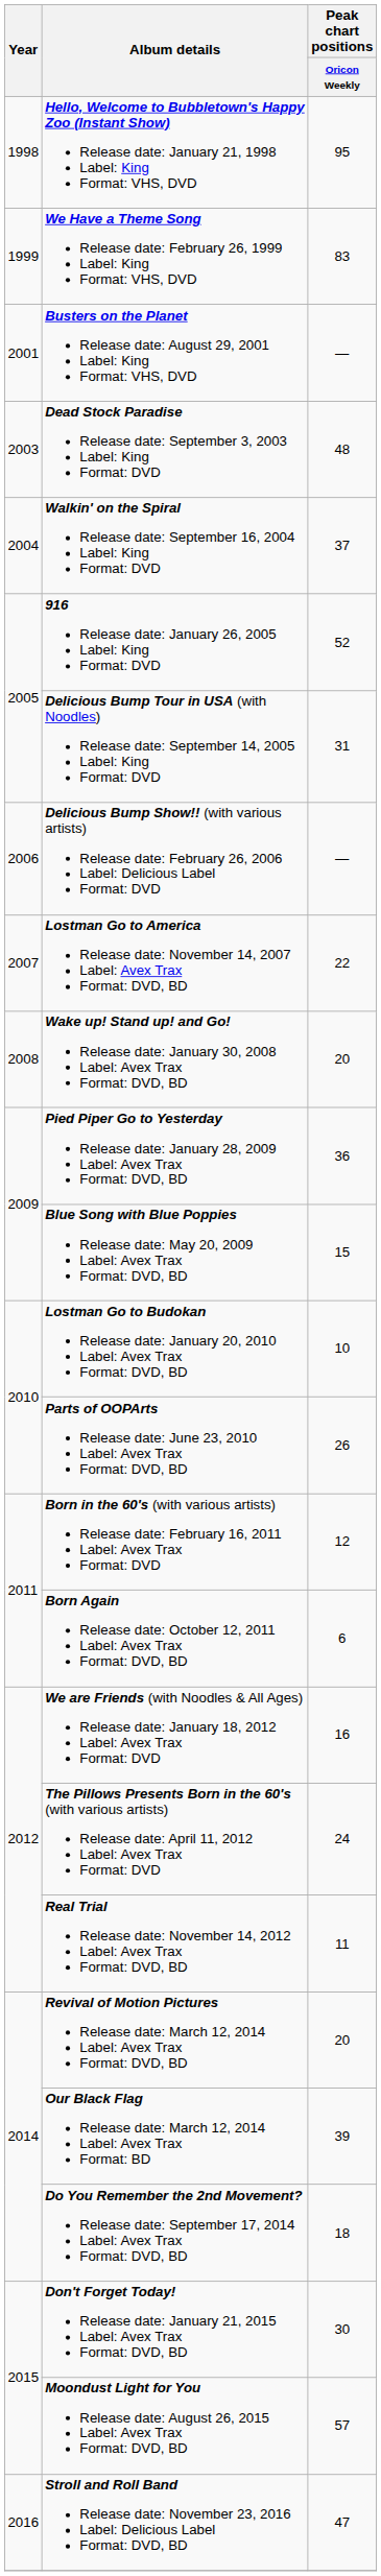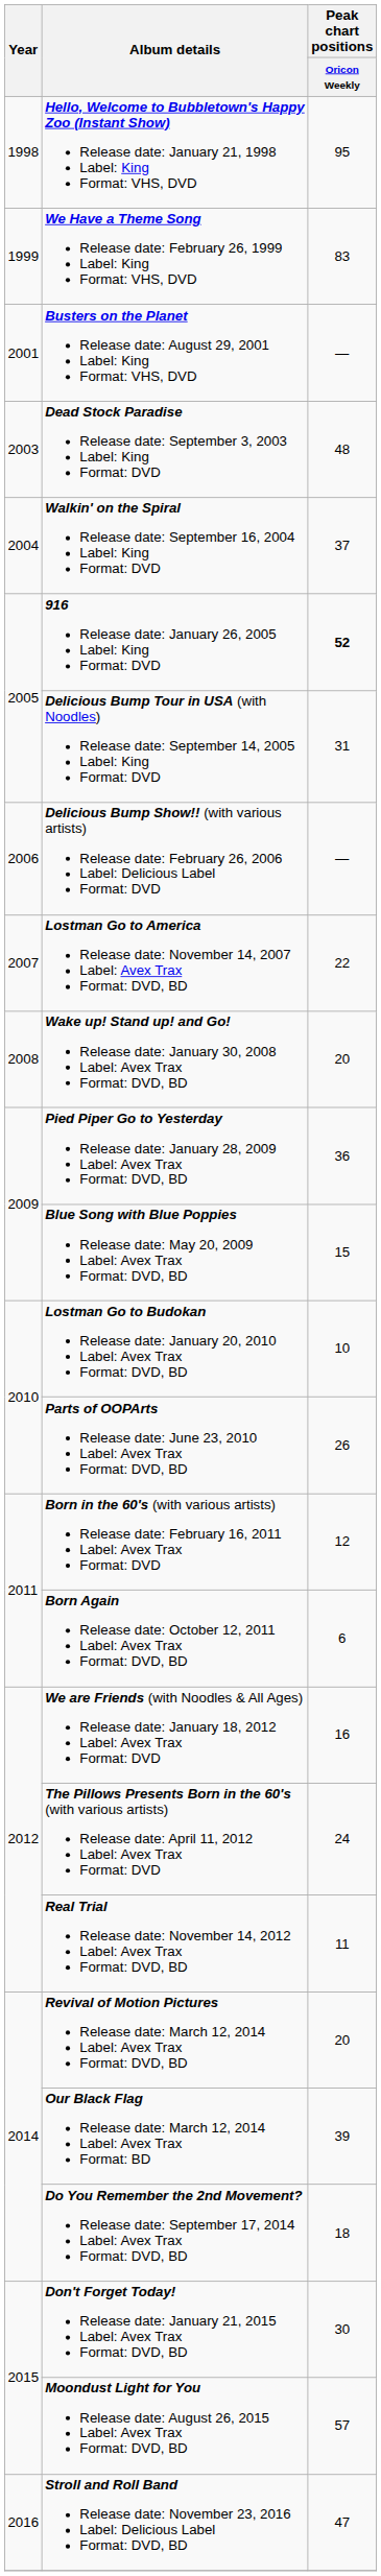 <table class="wikitable">
 <tr>
 <th rowspan="2" width="1">Year</th>
 <th rowspan="2" width="300">Album details</th>
 <th colspan="1">Peak chart positions</th>
 </tr>
 <tr>
 <th style="width:3em;font-size:90%;line-height:1.3"><small><a href='#'>Oricon</a><br>Weekly</small></th>
 </tr>
 <tr>
 <td>1998</td>
 <td><strong><em><a href='#'>Hello, Welcome to Bubbletown's Happy Zoo (Instant Show)</a></em></strong><br><ul><li>Release date: January 21, 1998</li><li>Label: <a href='#'>King</a></li><li>Format: VHS, DVD</li></ul></td>
 <td style="text-align:center">95</td>
 </tr>
 <tr>
 <td>1999</td>
 <td><strong><em><a href='#'>We Have a Theme Song</a></em></strong><br><ul><li>Release date: February 26, 1999</li><li>Label: King</li><li>Format: VHS, DVD</li></ul></td>
 <td style="text-align:center">83</td>
 </tr>
 <tr>
 <td>2001</td>
 <td><strong><em><a href='#'>Busters on the Planet</a></em></strong><br><ul><li>Release date: August 29, 2001</li><li>Label: King</li><li>Format: VHS, DVD</li></ul></td>
 <td style="text-align:center">—</td>
 </tr>
 <tr>
 <td>2003</td>
 <td><strong><em>Dead Stock Paradise</em></strong><br><ul><li>Release date: September 3, 2003</li><li>Label: King</li><li>Format: DVD</li></ul></td>
 <td style="text-align:center">48</td>
 </tr>
 <tr>
 <td>2004</td>
 <td><strong><em>Walkin' on the Spiral</em></strong><br><ul><li>Release date: September 16, 2004</li><li>Label: King</li><li>Format: DVD</li></ul></td>
 <td style="text-align:center">37</td>
 </tr>
 <tr>
 <td rowspan="2">2005</td>
 <td><strong><em>916</em></strong><br><ul><li>Release date: January 26, 2005</li><li>Label: King</li><li>Format: DVD</li></ul></td>
-<td style="text-align:center">52</td>
+<td style="text-align:center"><strong>52</strong></td>
 </tr>
 <tr>
 <td><strong><em>Delicious Bump Tour in USA</em></strong> <span>(with <a href='#'>Noodles</a>)</span><br><ul><li>Release date: September 14, 2005</li><li>Label: King</li><li>Format: DVD</li></ul></td>
 <td style="text-align:center">31</td>
 </tr>
 <tr>
 <td>2006</td>
 <td><strong><em>Delicious Bump Show!!</em></strong> <span>(with various artists)</span><br><ul><li>Release date: February 26, 2006</li><li>Label: Delicious Label</li><li>Format: DVD</li></ul></td>
 <td style="text-align:center">—</td>
 </tr>
 <tr>
 <td>2007</td>
 <td><strong><em>Lostman Go to America</em></strong><br><ul><li>Release date: November 14, 2007</li><li>Label: <a href='#'>Avex Trax</a></li><li>Format: DVD, BD</li></ul></td>
 <td style="text-align:center">22</td>
 </tr>
 <tr>
 <td>2008</td>
 <td><strong><em>Wake up! Stand up! and Go!</em></strong><br><ul><li>Release date: January 30, 2008</li><li>Label: Avex Trax</li><li>Format: DVD, BD</li></ul></td>
 <td style="text-align:center">20</td>
 </tr>
 <tr>
 <td rowspan="2">2009</td>
 <td><strong><em>Pied Piper Go to Yesterday</em></strong><br><ul><li>Release date: January 28, 2009</li><li>Label: Avex Trax</li><li>Format: DVD, BD</li></ul></td>
 <td style="text-align:center">36</td>
 </tr>
 <tr>
 <td><strong><em>Blue Song with Blue Poppies</em></strong><br><ul><li>Release date: May 20, 2009</li><li>Label: Avex Trax</li><li>Format: DVD, BD</li></ul></td>
 <td style="text-align:center">15</td>
 </tr>
 <tr>
 <td rowspan="2">2010</td>
 <td><strong><em>Lostman Go to Budokan</em></strong><br><ul><li>Release date: January 20, 2010</li><li>Label: Avex Trax</li><li>Format: DVD, BD</li></ul></td>
 <td style="text-align:center">10</td>
 </tr>
 <tr>
 <td><strong><em>Parts of OOPArts</em></strong><br><ul><li>Release date: June 23, 2010</li><li>Label: Avex Trax</li><li>Format: DVD, BD</li></ul></td>
 <td style="text-align:center">26</td>
 </tr>
 <tr>
 <td rowspan="2">2011</td>
 <td><strong><em>Born in the 60's</em></strong> <span>(with various artists)</span><br><ul><li>Release date: February 16, 2011</li><li>Label: Avex Trax</li><li>Format: DVD</li></ul></td>
 <td style="text-align:center">12</td>
 </tr>
 <tr>
 <td><strong><em>Born Again</em></strong><br><ul><li>Release date: October 12, 2011</li><li>Label: Avex Trax</li><li>Format: DVD, BD</li></ul></td>
 <td style="text-align:center">6</td>
 </tr>
 <tr>
 <td rowspan="3">2012</td>
 <td><strong><em>We are Friends</em></strong> <span>(with Noodles & All Ages)</span><br><ul><li>Release date: January 18, 2012</li><li>Label: Avex Trax</li><li>Format: DVD</li></ul></td>
 <td style="text-align:center">16</td>
 </tr>
 <tr>
 <td><strong><em>The Pillows Presents Born in the 60's</em></strong> <span>(with various artists)</span><br><ul><li>Release date: April 11, 2012</li><li>Label: Avex Trax</li><li>Format: DVD</li></ul></td>
 <td style="text-align:center">24</td>
 </tr>
 <tr>
 <td><strong><em>Real Trial</em></strong><br><ul><li>Release date: November 14, 2012</li><li>Label: Avex Trax</li><li>Format: DVD, BD</li></ul></td>
 <td style="text-align:center">11</td>
 </tr>
 <tr>
 <td rowspan="3">2014</td>
 <td><strong><em>Revival of Motion Pictures</em></strong><br><ul><li>Release date: March 12, 2014</li><li>Label: Avex Trax</li><li>Format: DVD, BD</li></ul></td>
 <td style="text-align:center">20</td>
 </tr>
 <tr>
 <td><strong><em>Our Black Flag</em></strong><br><ul><li>Release date: March 12, 2014</li><li>Label: Avex Trax</li><li>Format: BD</li></ul></td>
 <td style="text-align:center">39</td>
 </tr>
 <tr>
 <td><strong><em>Do You Remember the 2nd Movement?</em></strong><br><ul><li>Release date: September 17, 2014</li><li>Label: Avex Trax</li><li>Format: DVD, BD</li></ul></td>
 <td style="text-align:center">18</td>
 </tr>
 <tr>
 <td rowspan="2">2015</td>
 <td><strong><em>Don't Forget Today!</em></strong><br><ul><li>Release date: January 21, 2015</li><li>Label: Avex Trax</li><li>Format: DVD, BD</li></ul></td>
 <td style="text-align:center">30</td>
 </tr>
 <tr>
 <td><strong><em>Moondust Light for You</em></strong><br><ul><li>Release date: August 26, 2015</li><li>Label: Avex Trax</li><li>Format: DVD, BD</li></ul></td>
 <td style="text-align:center">57</td>
 </tr>
 <tr>
 <td>2016</td>
 <td><strong><em>Stroll and Roll Band</em></strong><br><ul><li>Release date: November 23, 2016</li><li>Label: Delicious Label</li><li>Format: DVD, BD</li></ul></td>
 <td style="text-align:center">47</td>
 </tr>
 <tr>
 </tr>
 </table>
